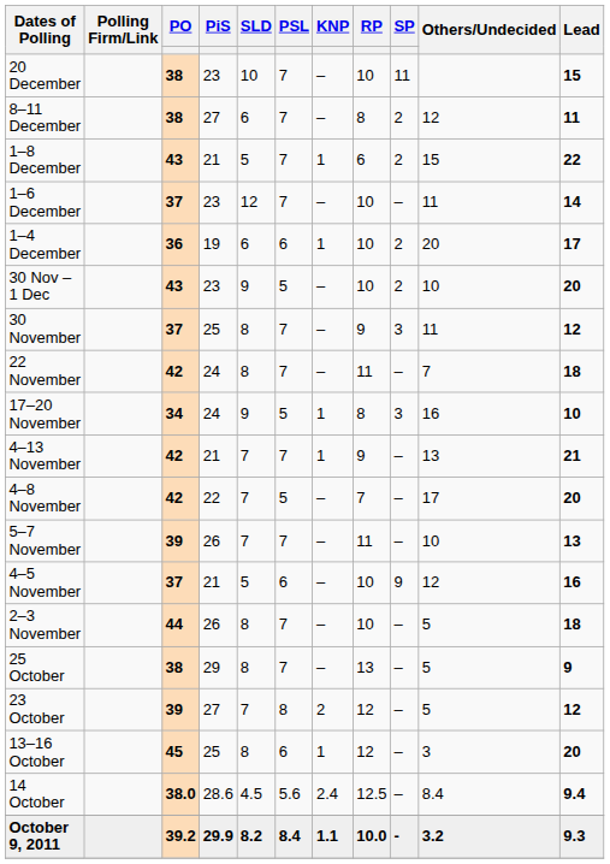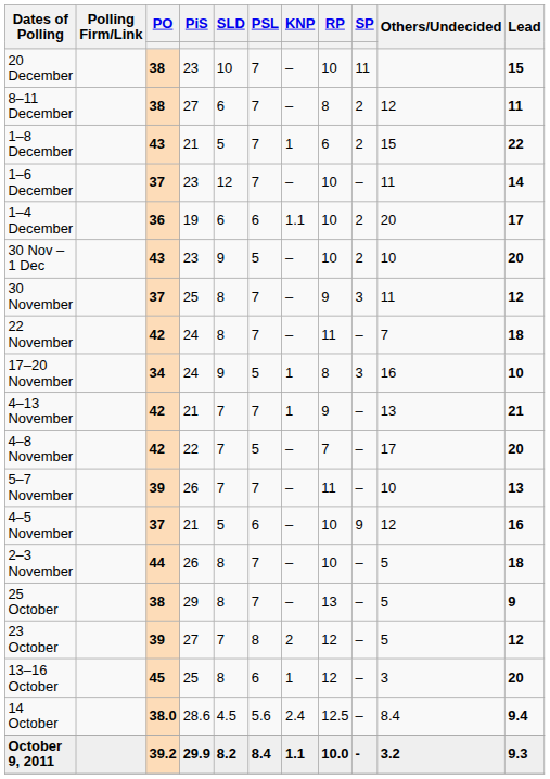 <table class="wikitable sortable collapsible">
 <tr style="height:42px; text-align:center; background-color:#E9E9E9">
 <th rowspan="2" data-sort-type="date" style="width:150px;">Dates of Polling</th>
 <th rowspan="2" style="width:130px;">Polling Firm/Link</th>
 <th style="width:60px;" class="unsortable"><a href='#'>PO</a></th>
 <th style="width:60px;" class="unsortable"><a href='#'>PiS</a></th>
 <th style="width:60px;" class="unsortable"><a href='#'>SLD</a></th>
 <th style="width:60px;" class="unsortable"><a href='#'>PSL</a></th>
 <th style="width:60px;" class="unsortable"><a href='#'>KNP</a></th>
 <th style="width:60px;" class="unsortable"><a href='#'>RP</a></th>
 <th style="width:60px;" class="unsortable"><a href='#'>SP</a></th>
 <th rowspan="2" data-sort-type="number" style="width:40px;">Others/Undecided</th>
 <th rowspan="2" data-sort-type="number" style="width:30px;">Lead</th>
 </tr>
 <tr>
 <th data-sort-type="number" style="height:1px; background:"></th>
 <th data-sort-type="number" style="height:1px; background:"></th>
 <th data-sort-type="number" style="height:1px; background:"></th>
 <th data-sort-type="number" style="height:1px; background:"></th>
 <th data-sort-type="number" style="height:1px; background:"></th>
 <th data-sort-type="number" style="height:1px; background:"></th>
 <th data-sort-type="number" style="height:1px; background:"></th>
 </tr>
 <tr>
 <td>20 December</td>
 <td></td>
 <td style="background:#FDDCB8"><strong>38</strong></td>
 <td>23</td>
 <td>10</td>
 <td>7</td>
 <td>–</td>
 <td>10</td>
 <td>11</td>
 <td></td>
 <td style="background:"><strong>15</strong></td>
 </tr>
 <tr>
 <td>8–11 December</td>
 <td></td>
 <td style="background:#FDDCB8"><strong>38</strong></td>
 <td>27</td>
 <td>6</td>
 <td>7</td>
 <td>–</td>
 <td>8</td>
 <td>2</td>
 <td>12</td>
 <td style="background:"><strong>11</strong></td>
 </tr>
 <tr>
 <td>1–8 December</td>
 <td></td>
 <td style="background:#FDDCB8"><strong>43</strong></td>
 <td>21</td>
 <td>5</td>
 <td>7</td>
 <td>1</td>
 <td>6</td>
 <td>2</td>
 <td>15</td>
 <td style="background:"><strong>22</strong></td>
 </tr>
 <tr>
 <td>1–6 December</td>
 <td></td>
 <td style="background:#FDDCB8"><strong>37</strong></td>
 <td>23</td>
 <td>12</td>
 <td>7</td>
 <td>–</td>
 <td>10</td>
 <td>–</td>
 <td>11</td>
 <td style="background:"><strong>14</strong></td>
 </tr>
 <tr>
 <td>1–4 December</td>
 <td></td>
 <td style="background:#FDDCB8"><strong>36</strong></td>
 <td>19</td>
 <td>6</td>
 <td>6</td>
-<td>1</td>
+<td>1.1</td>
 <td>10</td>
 <td>2</td>
 <td>20</td>
 <td style="background:"><strong>17</strong></td>
 </tr>
 <tr>
 <td>30 Nov – 1 Dec</td>
 <td></td>
 <td style="background:#FDDCB8"><strong>43</strong></td>
 <td>23</td>
 <td>9</td>
 <td>5</td>
 <td>–</td>
 <td>10</td>
 <td>2</td>
 <td>10</td>
 <td style="background:"><strong>20</strong></td>
 </tr>
 <tr>
 <td>30 November</td>
 <td></td>
 <td style="background:#FDDCB8"><strong>37</strong></td>
 <td>25</td>
 <td>8</td>
 <td>7</td>
 <td>–</td>
 <td>9</td>
 <td>3</td>
 <td>11</td>
 <td style="background:"><strong>12</strong></td>
 </tr>
 <tr>
 <td>22 November</td>
 <td></td>
 <td style="background:#FDDCB8"><strong>42</strong></td>
 <td>24</td>
 <td>8</td>
 <td>7</td>
 <td>–</td>
 <td>11</td>
 <td>–</td>
 <td>7</td>
 <td style="background:"><strong>18</strong></td>
 </tr>
 <tr>
 <td>17–20 November</td>
 <td></td>
 <td style="background:#FDDCB8"><strong>34</strong></td>
 <td>24</td>
 <td>9</td>
 <td>5</td>
 <td>1</td>
 <td>8</td>
 <td>3</td>
 <td>16</td>
 <td style="background:"><strong>10</strong></td>
 </tr>
 <tr>
 <td>4–13 November</td>
 <td></td>
 <td style="background:#FDDCB8"><strong>42</strong></td>
 <td>21</td>
 <td>7</td>
 <td>7</td>
 <td>1</td>
 <td>9</td>
 <td>–</td>
 <td>13</td>
 <td style="background:"><strong>21</strong></td>
 </tr>
 <tr>
 <td>4–8 November</td>
 <td></td>
 <td style="background:#FDDCB8"><strong>42</strong></td>
 <td>22</td>
 <td>7</td>
 <td>5</td>
 <td>–</td>
 <td>7</td>
 <td>–</td>
 <td>17</td>
 <td style="background:"><strong>20</strong></td>
 </tr>
 <tr>
 <td>5–7 November</td>
 <td></td>
 <td style="background:#FDDCB8"><strong>39</strong></td>
 <td>26</td>
 <td>7</td>
 <td>7</td>
 <td>–</td>
 <td>11</td>
 <td>–</td>
 <td>10</td>
 <td style="background:"><strong>13</strong></td>
 </tr>
 <tr>
 <td>4–5 November</td>
 <td></td>
 <td style="background:#FDDCB8"><strong>37</strong></td>
 <td>21</td>
 <td>5</td>
 <td>6</td>
 <td>–</td>
 <td>10</td>
 <td>9</td>
 <td>12</td>
 <td style="background:"><strong>16</strong></td>
 </tr>
 <tr>
 <td>2–3 November</td>
 <td></td>
 <td style="background:#FDDCB8"><strong>44</strong></td>
 <td>26</td>
 <td>8</td>
 <td>7</td>
 <td>–</td>
 <td>10</td>
 <td>–</td>
 <td>5</td>
 <td style="background:"><strong>18</strong></td>
 </tr>
 <tr>
 <td>25 October</td>
 <td></td>
 <td style="background:#FDDCB8"><strong>38</strong></td>
 <td>29</td>
 <td>8</td>
 <td>7</td>
 <td>–</td>
 <td>13</td>
 <td>–</td>
 <td>5</td>
 <td style="background:"><strong>9</strong></td>
 </tr>
 <tr>
 <td>23 October</td>
 <td></td>
 <td style="background:#FDDCB8"><strong>39</strong></td>
 <td>27</td>
 <td>7</td>
 <td>8</td>
 <td>2</td>
 <td>12</td>
 <td>–</td>
 <td>5</td>
 <td style="background:"><strong>12</strong></td>
 </tr>
 <tr>
 <td>13–16 October</td>
 <td></td>
 <td style="background:#FDDCB8"><strong>45</strong></td>
 <td>25</td>
 <td>8</td>
 <td>6</td>
 <td>1</td>
 <td>12</td>
 <td>–</td>
 <td>3</td>
 <td style="background:"><strong>20</strong></td>
 </tr>
 <tr>
 <td>14 October</td>
 <td></td>
 <td style="background:#FDDCB8"><strong>38.0</strong></td>
 <td>28.6</td>
 <td>4.5</td>
 <td>5.6</td>
 <td>2.4</td>
 <td>12.5</td>
 <td>–</td>
 <td>8.4</td>
 <td style="background:"><strong>9.4</strong></td>
 </tr>
 <tr>
 </tr>
 <tr style="background:#EFEFEF; font-weight:bold;">
 <td>October 9, 2011</td>
 <td></td>
 <td style="background:#FDDCB8">39.2</td>
 <td>29.9</td>
 <td>8.2</td>
 <td>8.4</td>
 <td>1.1</td>
 <td>10.0</td>
 <td>-</td>
 <td>3.2</td>
 <td style="background:"><strong>9.3</strong></td>
 </tr>
 <tr>
 </tr>
 </table>
